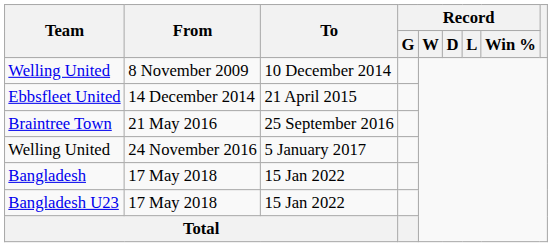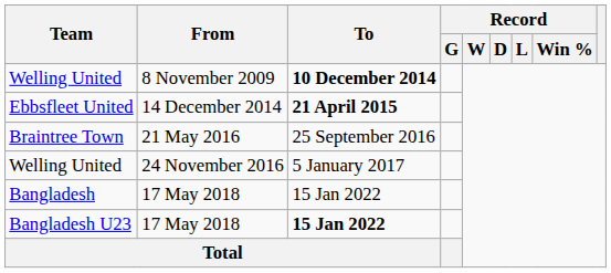 <table class="wikitable" style="text-align:center">
 <tr>
 <th rowspan=2>Team</th>
 <th rowspan=2>From</th>
 <th rowspan=2>To</th>
 <th colspan=5>Record</th>
 <th rowspan=2></th>
 </tr>
 <tr>
 <th>G</th>
 <th>W</th>
 <th>D</th>
 <th>L</th>
 <th>Win %</th>
 </tr>
 <tr>
 <td align=left><a href='#'>Welling United</a></td>
 <td align=left>8 November 2009</td>
-<td align=left>10 December 2014<br></td>
+<td align=left><strong>10 December 2014<br></strong></td>
 <td></td>
 </tr>
 <tr>
 <td align=left><a href='#'>Ebbsfleet United</a></td>
 <td align=left>14 December 2014</td>
-<td align=left>21 April 2015<br></td>
+<td align=left><strong>21 April 2015<br></strong></td>
 <td></td>
 </tr>
 <tr>
 <td align=left><a href='#'>Braintree Town</a></td>
 <td align=left>21 May 2016</td>
 <td align=left>25 September 2016<br></td>
 <td></td>
 </tr>
 <tr>
 <td align=left>Welling United</td>
 <td align=left>24 November 2016</td>
 <td align=left>5 January 2017<br></td>
 <td></td>
 </tr>
 <tr>
 <td align=left><a href='#'>Bangladesh</a></td>
 <td align=left>17 May 2018</td>
 <td align=left>15 Jan 2022<br></td>
 <td></td>
 </tr>
 <tr>
 <td align=left><a href='#'>Bangladesh U23</a></td>
 <td align=left>17 May 2018</td>
-<td align=left>15 Jan 2022<br></td>
+<td align=left><strong>15 Jan 2022<br></strong></td>
 <td></td>
 </tr>
 <tr>
 <th colspan=3>Total<br></th>
 <th></th>
 </tr>
 </table>
